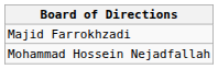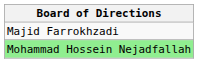 <table class="wikitable" "align: right;">
 <tr>
 <th>Board of Directions</th>
 </tr>
 <tr>
 <td> Majid Farrokhzadi</td>
 </tr>
 <tr>
-<td> Mohammad Hossein Nejadfallah</td>
+<td style="background: lightgreen;"> Mohammad Hossein Nejadfallah</td>
 </tr>
 </table>
